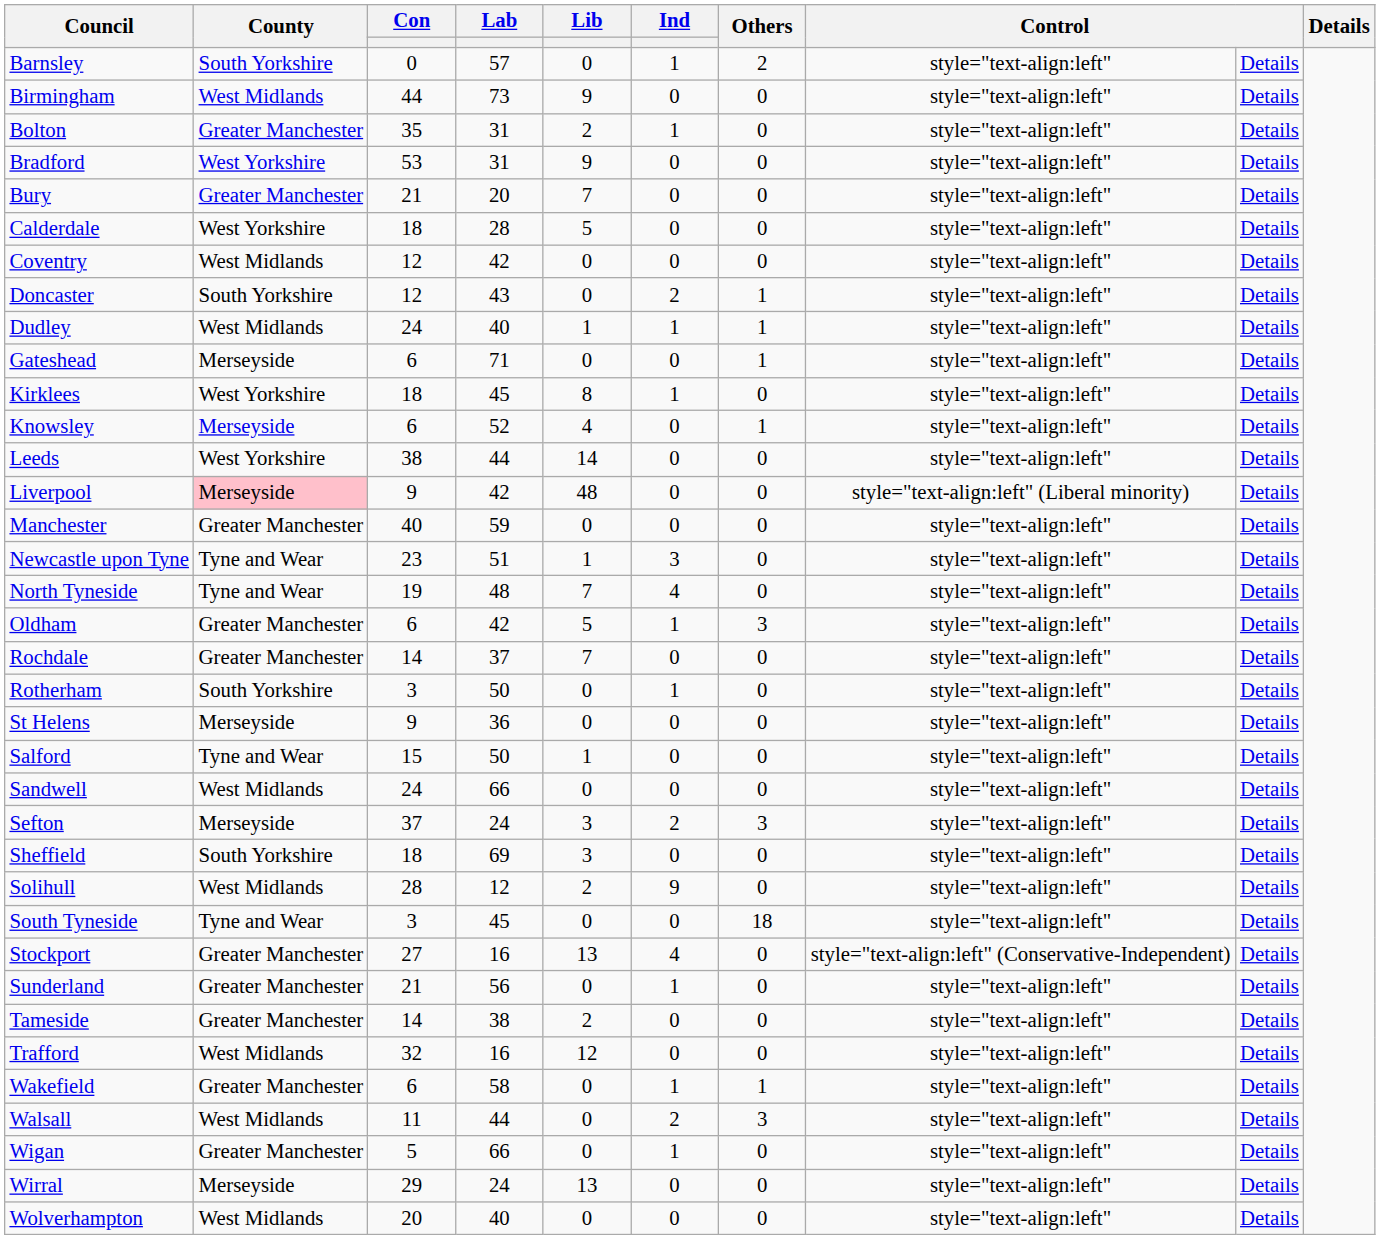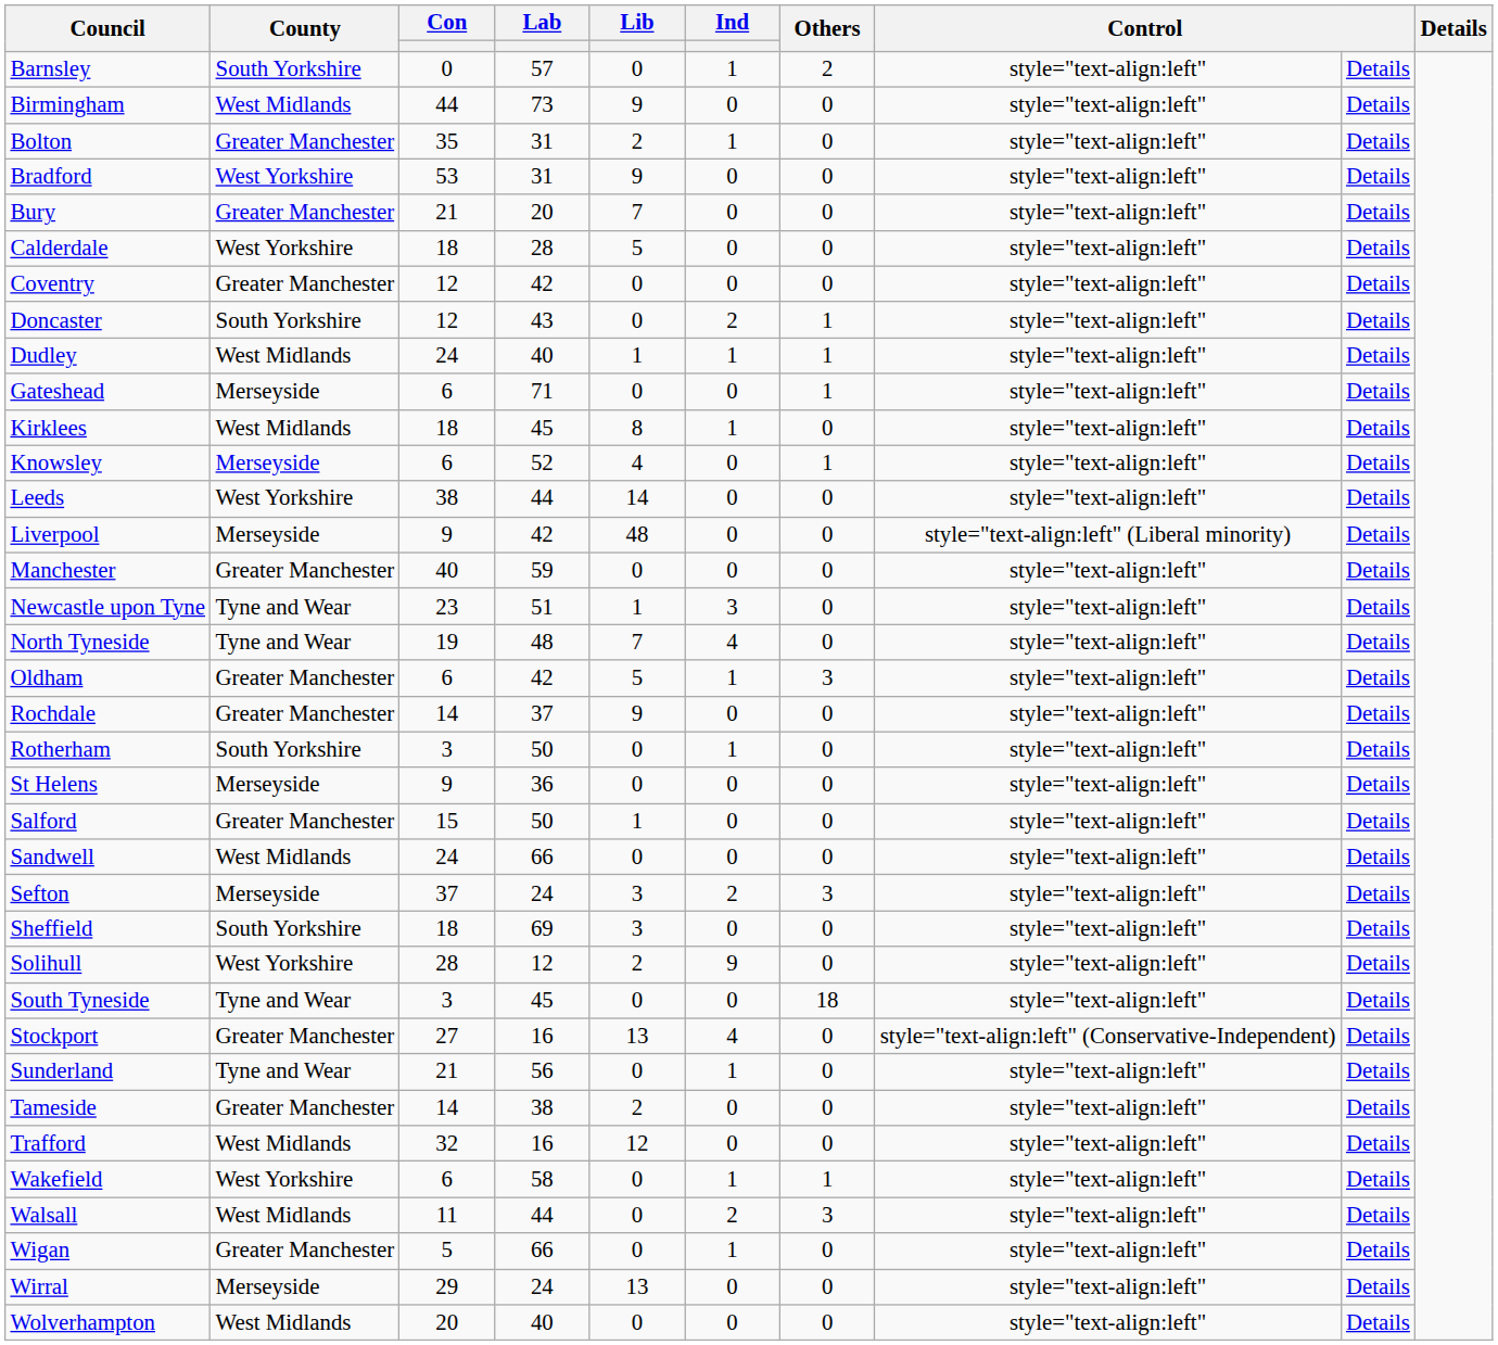 <table class="wikitable" style="text-align:center;">
 <tr>
 <th rowspan=2>Council</th>
 <th rowspan=2>County</th>
 <th style="width:60px;"><a href='#'>Con</a></th>
 <th style="width:60px;"><a href='#'>Lab</a></th>
 <th style="width:60px;"><a href='#'>Lib</a></th>
 <th style="width:60px;"><a href='#'>Ind</a></th>
 <th style="width:60px;" rowspan=2>Others</th>
 <th rowspan=2 colspan=2>Control</th>
 <th rowspan=2>Details</th>
 </tr>
 <tr>
 <th style="background:"></th>
 <th style="background:"></th>
 <th style="background:"></th>
 <th style="background:"></th>
 </tr>
 <tr>
 <td style="text-align:left"><a href='#'>Barnsley</a></td>
 <td style="text-align:left"><a href='#'>South Yorkshire</a></td>
 <td>0</td>
 <td>57</td>
 <td>0</td>
 <td>1</td>
 <td>2</td>
 <td>style="text-align:left" </td>
 <td style="text-align:left"><a href='#'>Details</a></td>
 </tr>
 <tr>
 <td style="text-align:left"><a href='#'>Birmingham</a></td>
 <td style="text-align:left"><a href='#'>West Midlands</a></td>
 <td>44</td>
 <td>73</td>
 <td>9</td>
 <td>0</td>
 <td>0</td>
 <td>style="text-align:left" </td>
 <td style="text-align:left"><a href='#'>Details</a></td>
 </tr>
 <tr>
 <td style="text-align:left"><a href='#'>Bolton</a></td>
 <td style="text-align:left"><a href='#'>Greater Manchester</a></td>
 <td>35</td>
 <td>31</td>
 <td>2</td>
 <td>1</td>
 <td>0</td>
 <td>style="text-align:left" </td>
 <td style="text-align:left"><a href='#'>Details</a></td>
 </tr>
 <tr>
 <td style="text-align:left"><a href='#'>Bradford</a></td>
 <td style="text-align:left"><a href='#'>West Yorkshire</a></td>
 <td>53</td>
 <td>31</td>
 <td>9</td>
 <td>0</td>
 <td>0</td>
 <td>style="text-align:left" </td>
 <td style="text-align:left"><a href='#'>Details</a></td>
 </tr>
 <tr>
 <td style="text-align:left"><a href='#'>Bury</a></td>
 <td style="text-align:left"><a href='#'>Greater Manchester</a></td>
 <td>21</td>
 <td>20</td>
 <td>7</td>
 <td>0</td>
 <td>0</td>
 <td>style="text-align:left" </td>
 <td style="text-align:left"><a href='#'>Details</a></td>
 </tr>
 <tr>
 <td style="text-align:left"><a href='#'>Calderdale</a></td>
 <td style="text-align:left">West Yorkshire</td>
 <td>18</td>
 <td>28</td>
 <td>5</td>
 <td>0</td>
 <td>0</td>
 <td>style="text-align:left" </td>
 <td style="text-align:left"><a href='#'>Details</a></td>
 </tr>
 <tr>
 <td style="text-align:left"><a href='#'>Coventry</a></td>
-<td style="text-align:left">West Midlands</td>
+<td style="text-align:left">Greater Manchester</td>
 <td>12</td>
 <td>42</td>
 <td>0</td>
 <td>0</td>
 <td>0</td>
 <td>style="text-align:left" </td>
 <td style="text-align:left"><a href='#'>Details</a></td>
 </tr>
 <tr>
 <td style="text-align:left"><a href='#'>Doncaster</a></td>
 <td style="text-align:left">South Yorkshire</td>
 <td>12</td>
 <td>43</td>
 <td>0</td>
 <td>2</td>
 <td>1</td>
 <td>style="text-align:left" </td>
 <td style="text-align:left"><a href='#'>Details</a></td>
 </tr>
 <tr>
 <td style="text-align:left"><a href='#'>Dudley</a></td>
 <td style="text-align:left">West Midlands</td>
 <td>24</td>
 <td>40</td>
 <td>1</td>
 <td>1</td>
 <td>1</td>
 <td>style="text-align:left" </td>
 <td style="text-align:left"><a href='#'>Details</a></td>
 </tr>
 <tr>
 <td style="text-align:left"><a href='#'>Gateshead</a></td>
 <td style="text-align:left">Merseyside</td>
 <td>6</td>
 <td>71</td>
 <td>0</td>
 <td>0</td>
 <td>1</td>
 <td>style="text-align:left" </td>
 <td style="text-align:left"><a href='#'>Details</a></td>
 </tr>
 <tr>
 <td style="text-align:left"><a href='#'>Kirklees</a></td>
-<td style="text-align:left">West Yorkshire</td>
+<td style="text-align:left">West Midlands</td>
 <td>18</td>
 <td>45</td>
 <td>8</td>
 <td>1</td>
 <td>0</td>
 <td>style="text-align:left" </td>
 <td style="text-align:left"><a href='#'>Details</a></td>
 </tr>
 <tr>
 <td style="text-align:left"><a href='#'>Knowsley</a></td>
 <td style="text-align:left"><a href='#'>Merseyside</a></td>
 <td>6</td>
 <td>52</td>
 <td>4</td>
 <td>0</td>
 <td>1</td>
 <td>style="text-align:left" </td>
 <td style="text-align:left"><a href='#'>Details</a></td>
 </tr>
 <tr>
 <td style="text-align:left"><a href='#'>Leeds</a></td>
 <td style="text-align:left">West Yorkshire</td>
 <td>38</td>
 <td>44</td>
 <td>14</td>
 <td>0</td>
 <td>0</td>
 <td>style="text-align:left" </td>
 <td style="text-align:left"><a href='#'>Details</a></td>
 </tr>
 <tr>
 <td style="text-align:left"><a href='#'>Liverpool</a></td>
-<td style="background: pink; text-align:left">Merseyside</td>
+<td style="text-align:left">Merseyside</td>
 <td>9</td>
 <td>42</td>
 <td>48</td>
 <td>0</td>
 <td>0</td>
 <td>style="text-align:left"  (Liberal minority)</td>
 <td style="text-align:left"><a href='#'>Details</a></td>
 </tr>
 <tr>
 <td style="text-align:left"><a href='#'>Manchester</a></td>
 <td style="text-align:left">Greater Manchester</td>
 <td>40</td>
 <td>59</td>
 <td>0</td>
 <td>0</td>
 <td>0</td>
 <td>style="text-align:left" </td>
 <td style="text-align:left"><a href='#'>Details</a></td>
 </tr>
 <tr>
 <td style="text-align:left"><a href='#'>Newcastle upon Tyne</a></td>
 <td style="text-align:left">Tyne and Wear</td>
 <td>23</td>
 <td>51</td>
 <td>1</td>
 <td>3</td>
 <td>0</td>
 <td>style="text-align:left" </td>
 <td style="text-align:left"><a href='#'>Details</a></td>
 </tr>
 <tr>
 <td style="text-align:left"><a href='#'>North Tyneside</a></td>
 <td style="text-align:left">Tyne and Wear</td>
 <td>19</td>
 <td>48</td>
 <td>7</td>
 <td>4</td>
 <td>0</td>
 <td>style="text-align:left" </td>
 <td style="text-align:left"><a href='#'>Details</a></td>
 </tr>
 <tr>
 <td style="text-align:left"><a href='#'>Oldham</a></td>
 <td style="text-align:left">Greater Manchester</td>
 <td>6</td>
 <td>42</td>
 <td>5</td>
 <td>1</td>
 <td>3</td>
 <td>style="text-align:left" </td>
 <td style="text-align:left"><a href='#'>Details</a></td>
 </tr>
 <tr>
 <td style="text-align:left"><a href='#'>Rochdale</a></td>
 <td style="text-align:left">Greater Manchester</td>
 <td>14</td>
 <td>37</td>
-<td>7</td>
+<td>9</td>
 <td>0</td>
 <td>0</td>
 <td>style="text-align:left" </td>
 <td style="text-align:left"><a href='#'>Details</a></td>
 </tr>
 <tr>
 <td style="text-align:left"><a href='#'>Rotherham</a></td>
 <td style="text-align:left">South Yorkshire</td>
 <td>3</td>
 <td>50</td>
 <td>0</td>
 <td>1</td>
 <td>0</td>
 <td>style="text-align:left" </td>
 <td style="text-align:left"><a href='#'>Details</a></td>
 </tr>
 <tr>
 <td style="text-align:left"><a href='#'>St Helens</a></td>
 <td style="text-align:left">Merseyside</td>
 <td>9</td>
 <td>36</td>
 <td>0</td>
 <td>0</td>
 <td>0</td>
 <td>style="text-align:left" </td>
 <td style="text-align:left"><a href='#'>Details</a></td>
 </tr>
 <tr>
 <td style="text-align:left"><a href='#'>Salford</a></td>
-<td style="text-align:left">Tyne and Wear</td>
+<td style="text-align:left">Greater Manchester</td>
 <td>15</td>
 <td>50</td>
 <td>1</td>
 <td>0</td>
 <td>0</td>
 <td>style="text-align:left" </td>
 <td style="text-align:left"><a href='#'>Details</a></td>
 </tr>
 <tr>
 <td style="text-align:left"><a href='#'>Sandwell</a></td>
 <td style="text-align:left">West Midlands</td>
 <td>24</td>
 <td>66</td>
 <td>0</td>
 <td>0</td>
 <td>0</td>
 <td>style="text-align:left" </td>
 <td style="text-align:left"><a href='#'>Details</a></td>
 </tr>
 <tr>
 <td style="text-align:left"><a href='#'>Sefton</a></td>
 <td style="text-align:left">Merseyside</td>
 <td>37</td>
 <td>24</td>
 <td>3</td>
 <td>2</td>
 <td>3</td>
 <td>style="text-align:left" </td>
 <td style="text-align:left"><a href='#'>Details</a></td>
 </tr>
 <tr>
 <td style="text-align:left"><a href='#'>Sheffield</a></td>
 <td style="text-align:left">South Yorkshire</td>
 <td>18</td>
 <td>69</td>
 <td>3</td>
 <td>0</td>
 <td>0</td>
 <td>style="text-align:left" </td>
 <td style="text-align:left"><a href='#'>Details</a></td>
 </tr>
 <tr>
 <td style="text-align:left"><a href='#'>Solihull</a></td>
-<td style="text-align:left">West Midlands</td>
+<td style="text-align:left">West Yorkshire</td>
 <td>28</td>
 <td>12</td>
 <td>2</td>
 <td>9</td>
 <td>0</td>
 <td>style="text-align:left" </td>
 <td style="text-align:left"><a href='#'>Details</a></td>
 </tr>
 <tr>
 <td style="text-align:left"><a href='#'>South Tyneside</a></td>
 <td style="text-align:left">Tyne and Wear</td>
 <td>3</td>
 <td>45</td>
 <td>0</td>
 <td>0</td>
 <td>18</td>
 <td>style="text-align:left" </td>
 <td style="text-align:left"><a href='#'>Details</a></td>
 </tr>
 <tr>
 <td style="text-align:left"><a href='#'>Stockport</a></td>
 <td style="text-align:left">Greater Manchester</td>
 <td>27</td>
 <td>16</td>
 <td>13</td>
 <td>4</td>
 <td>0</td>
 <td>style="text-align:left"  (Conservative-Independent)</td>
 <td style="text-align:left"><a href='#'>Details</a></td>
 </tr>
 <tr>
 <td style="text-align:left"><a href='#'>Sunderland</a></td>
-<td style="text-align:left">Greater Manchester</td>
+<td style="text-align:left">Tyne and Wear</td>
 <td>21</td>
 <td>56</td>
 <td>0</td>
 <td>1</td>
 <td>0</td>
 <td>style="text-align:left" </td>
 <td style="text-align:left"><a href='#'>Details</a></td>
 </tr>
 <tr>
 <td style="text-align:left"><a href='#'>Tameside</a></td>
 <td style="text-align:left">Greater Manchester</td>
 <td>14</td>
 <td>38</td>
 <td>2</td>
 <td>0</td>
 <td>0</td>
 <td>style="text-align:left" </td>
 <td style="text-align:left"><a href='#'>Details</a></td>
 </tr>
 <tr>
 <td style="text-align:left"><a href='#'>Trafford</a></td>
 <td style="text-align:left">West Midlands</td>
 <td>32</td>
 <td>16</td>
 <td>12</td>
 <td>0</td>
 <td>0</td>
 <td>style="text-align:left" </td>
 <td style="text-align:left"><a href='#'>Details</a></td>
 </tr>
 <tr>
 <td style="text-align:left"><a href='#'>Wakefield</a></td>
-<td style="text-align:left">Greater Manchester</td>
+<td style="text-align:left">West Yorkshire</td>
 <td>6</td>
 <td>58</td>
 <td>0</td>
 <td>1</td>
 <td>1</td>
 <td>style="text-align:left" </td>
 <td style="text-align:left"><a href='#'>Details</a></td>
 </tr>
 <tr>
 <td style="text-align:left"><a href='#'>Walsall</a></td>
 <td style="text-align:left">West Midlands</td>
 <td>11</td>
 <td>44</td>
 <td>0</td>
 <td>2</td>
 <td>3</td>
 <td>style="text-align:left" </td>
 <td style="text-align:left"><a href='#'>Details</a></td>
 </tr>
 <tr>
 <td style="text-align:left"><a href='#'>Wigan</a></td>
 <td style="text-align:left">Greater Manchester</td>
 <td>5</td>
 <td>66</td>
 <td>0</td>
 <td>1</td>
 <td>0</td>
 <td>style="text-align:left" </td>
 <td style="text-align:left"><a href='#'>Details</a></td>
 </tr>
 <tr>
 <td style="text-align:left"><a href='#'>Wirral</a></td>
 <td style="text-align:left">Merseyside</td>
 <td>29</td>
 <td>24</td>
 <td>13</td>
 <td>0</td>
 <td>0</td>
 <td>style="text-align:left" </td>
 <td style="text-align:left"><a href='#'>Details</a></td>
 </tr>
 <tr>
 <td style="text-align:left"><a href='#'>Wolverhampton</a></td>
 <td style="text-align:left">West Midlands</td>
 <td>20</td>
 <td>40</td>
 <td>0</td>
 <td>0</td>
 <td>0</td>
 <td>style="text-align:left" </td>
 <td style="text-align:left"><a href='#'>Details</a></td>
 </tr>
 </table>
